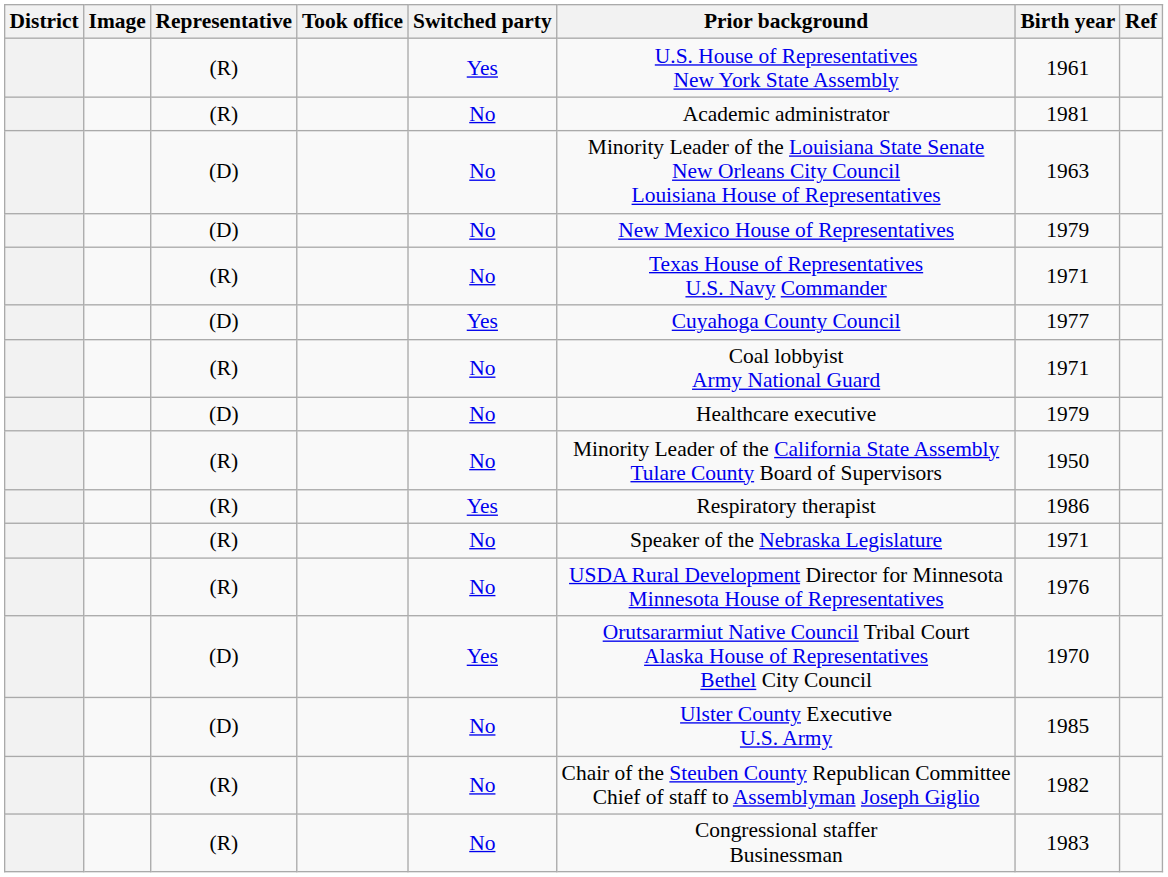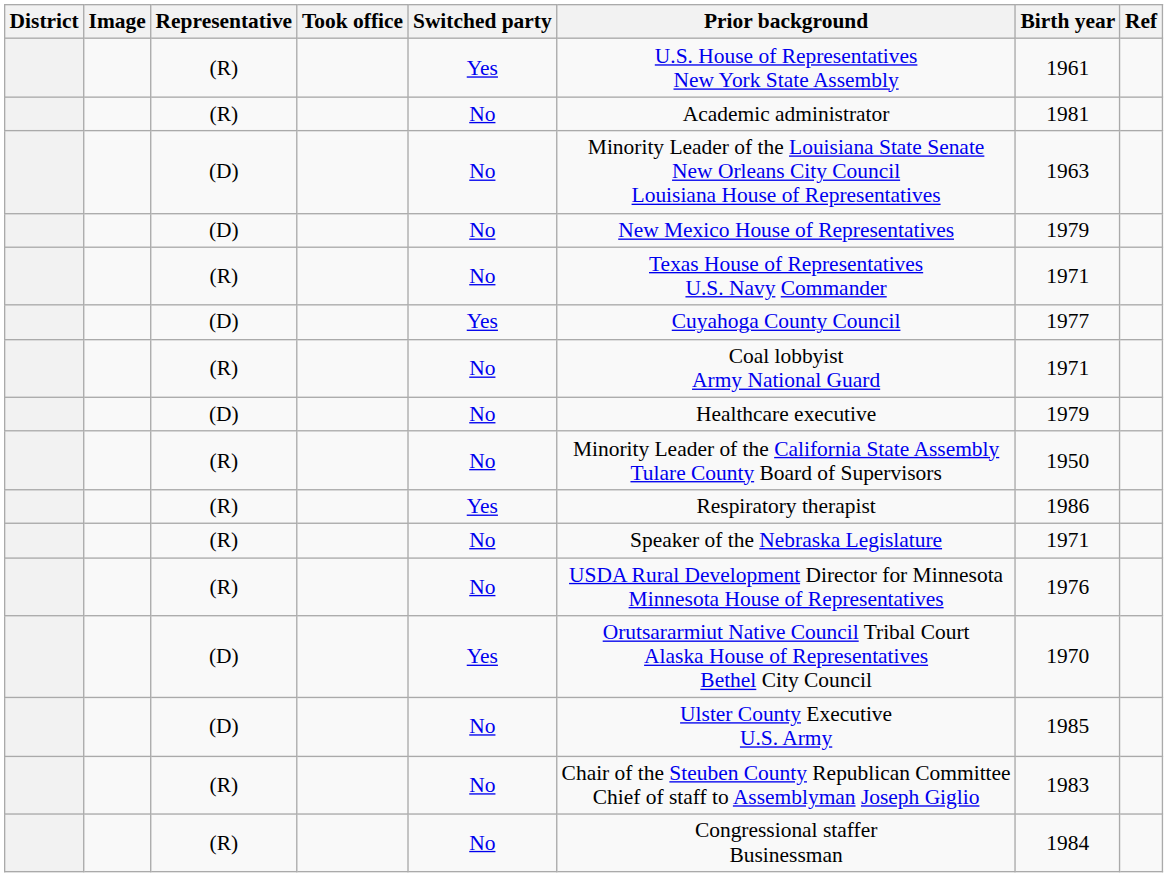 <table class="sortable wikitable" style="text-align:center">
 <tr>
 <th>District</th>
 <th>Image</th>
 <th>Representative</th>
 <th>Took office</th>
 <th>Switched party</th>
 <th>Prior background</th>
 <th>Birth year</th>
 <th>Ref</th>
 </tr>
 <tr>
 <th></th>
 <td></td>
 <td> (R)</td>
 <td></td>
 <td><a href='#'>Yes</a><br></td>
 <td><a href='#'>U.S. House of Representatives</a><br><a href='#'>New York State Assembly</a></td>
 <td>1961</td>
 <td></td>
 </tr>
 <tr>
 <th></th>
 <td></td>
 <td> (R)</td>
 <td></td>
 <td><a href='#'>No</a><br></td>
 <td>Academic administrator</td>
 <td>1981</td>
 <td></td>
 </tr>
 <tr>
 <th></th>
 <td></td>
 <td> (D)</td>
 <td></td>
 <td><a href='#'>No</a><br></td>
 <td>Minority Leader of the <a href='#'>Louisiana State Senate</a><br><a href='#'>New Orleans City Council</a><br><a href='#'>Louisiana House of Representatives</a></td>
 <td>1963</td>
 <td></td>
 </tr>
 <tr>
 <th></th>
 <td></td>
 <td> (D)</td>
 <td></td>
 <td><a href='#'>No</a><br></td>
 <td><a href='#'>New Mexico House of Representatives</a></td>
 <td>1979</td>
 <td></td>
 </tr>
 <tr>
 <th></th>
 <td></td>
 <td> (R)</td>
 <td></td>
 <td><a href='#'>No</a><br></td>
 <td><a href='#'>Texas House of Representatives</a><br><a href='#'>U.S. Navy</a> <a href='#'>Commander</a></td>
 <td>1971</td>
 <td></td>
 </tr>
 <tr>
 <th></th>
 <td></td>
 <td> (D)</td>
 <td></td>
 <td><a href='#'>Yes</a><br></td>
 <td><a href='#'>Cuyahoga County Council</a></td>
 <td>1977</td>
 <td></td>
 </tr>
 <tr>
 <th></th>
 <td></td>
 <td> (R)</td>
 <td></td>
 <td><a href='#'>No</a><br></td>
 <td>Coal lobbyist<br><a href='#'>Army National Guard</a></td>
 <td>1971</td>
 <td></td>
 </tr>
 <tr>
 <th></th>
 <td></td>
 <td> (D)</td>
 <td></td>
 <td><a href='#'>No</a><br></td>
 <td>Healthcare executive</td>
 <td>1979</td>
 <td></td>
 </tr>
 <tr>
 <th></th>
 <td></td>
 <td> (R)</td>
 <td></td>
 <td><a href='#'>No</a><br></td>
 <td>Minority Leader of the <a href='#'>California State Assembly</a><br><a href='#'>Tulare County</a> Board of Supervisors</td>
 <td>1950</td>
 <td></td>
 </tr>
 <tr>
 <th></th>
 <td></td>
 <td> (R)</td>
 <td></td>
 <td><a href='#'>Yes</a><br></td>
 <td>Respiratory therapist</td>
 <td>1986</td>
 <td></td>
 </tr>
 <tr>
 <th></th>
 <td></td>
 <td> (R)</td>
 <td></td>
 <td><a href='#'>No</a><br></td>
 <td>Speaker of the <a href='#'>Nebraska Legislature</a></td>
 <td>1971</td>
 <td></td>
 </tr>
 <tr>
 <th></th>
 <td></td>
 <td> (R)</td>
 <td></td>
 <td><a href='#'>No</a><br></td>
 <td><a href='#'>USDA Rural Development</a> Director for Minnesota<br><a href='#'>Minnesota House of Representatives</a></td>
 <td>1976</td>
 <td></td>
 </tr>
 <tr>
 <th></th>
 <td></td>
 <td> (D)</td>
 <td></td>
 <td><a href='#'>Yes</a><br></td>
 <td><a href='#'>Orutsararmiut Native Council</a> Tribal Court<br><a href='#'>Alaska House of Representatives</a><br><a href='#'>Bethel</a> City Council</td>
 <td>1970</td>
 <td></td>
 </tr>
 <tr>
 <th></th>
 <td></td>
 <td> (D)</td>
 <td></td>
 <td><a href='#'>No</a><br></td>
 <td><a href='#'>Ulster County</a> Executive<br><a href='#'>U.S. Army</a></td>
 <td>1985</td>
 <td></td>
 </tr>
 <tr>
 <th></th>
 <td></td>
 <td> (R)</td>
 <td></td>
 <td><a href='#'>No</a><br></td>
 <td>Chair of the <a href='#'>Steuben County</a> Republican Committee<br>Chief of staff to <a href='#'>Assemblyman</a> <a href='#'>Joseph Giglio</a></td>
-<td>1982</td>
+<td>1983</td>
 <td></td>
 </tr>
 <tr>
 <th></th>
 <td></td>
 <td> (R)</td>
 <td></td>
 <td><a href='#'>No</a><br></td>
 <td>Congressional staffer<br>Businessman</td>
-<td>1983</td>
+<td>1984</td>
 <td></td>
 </tr>
 </table>
